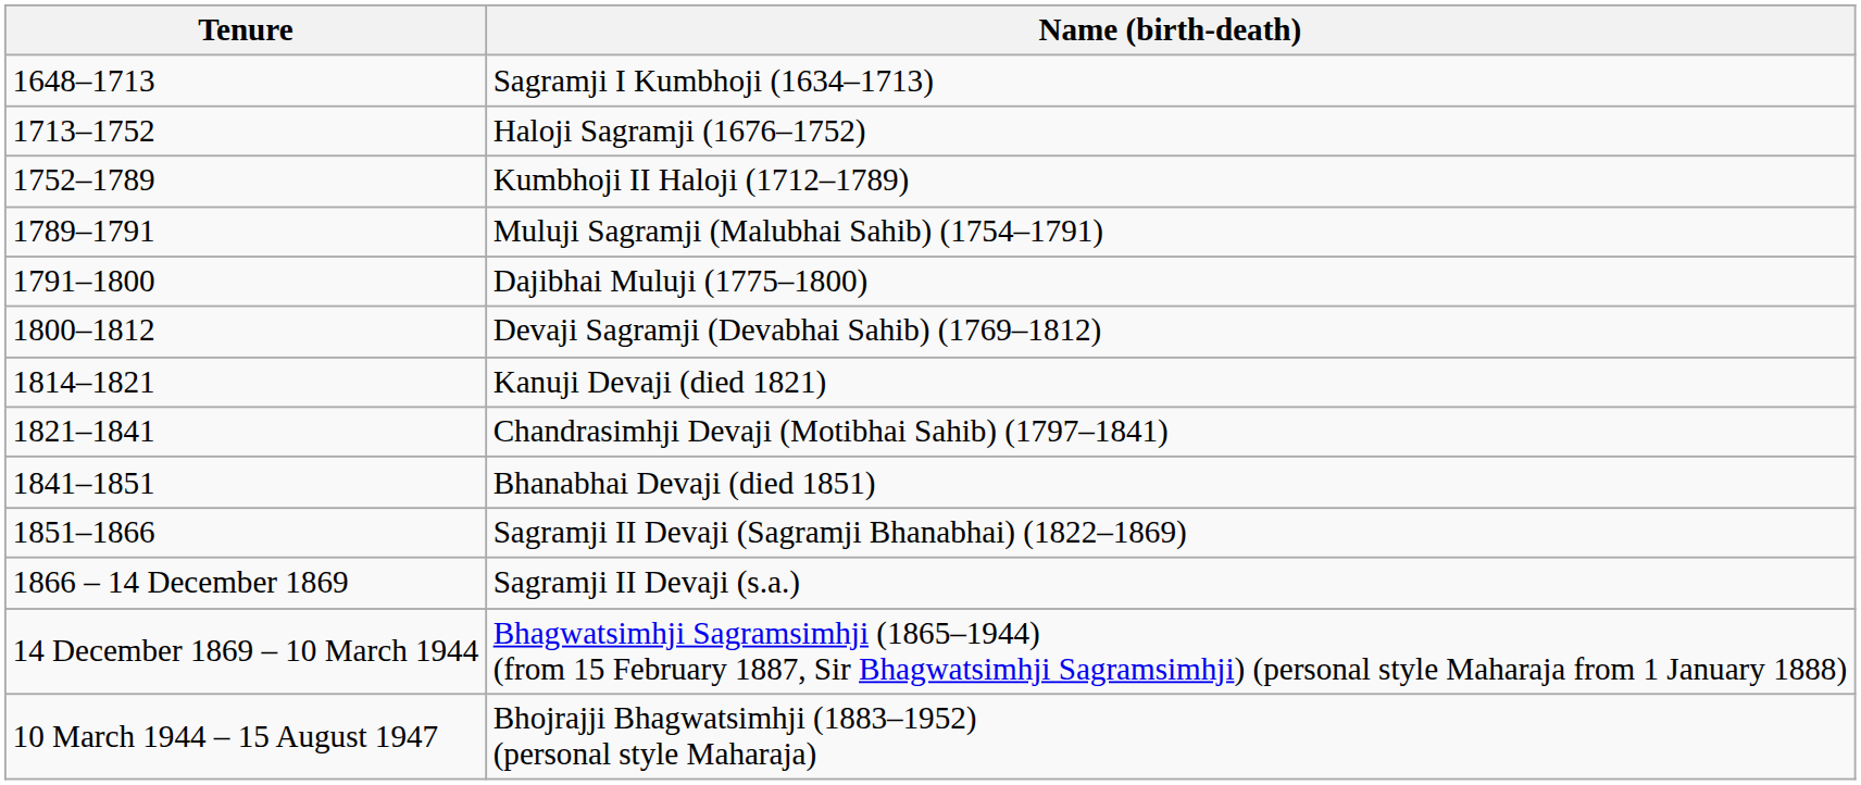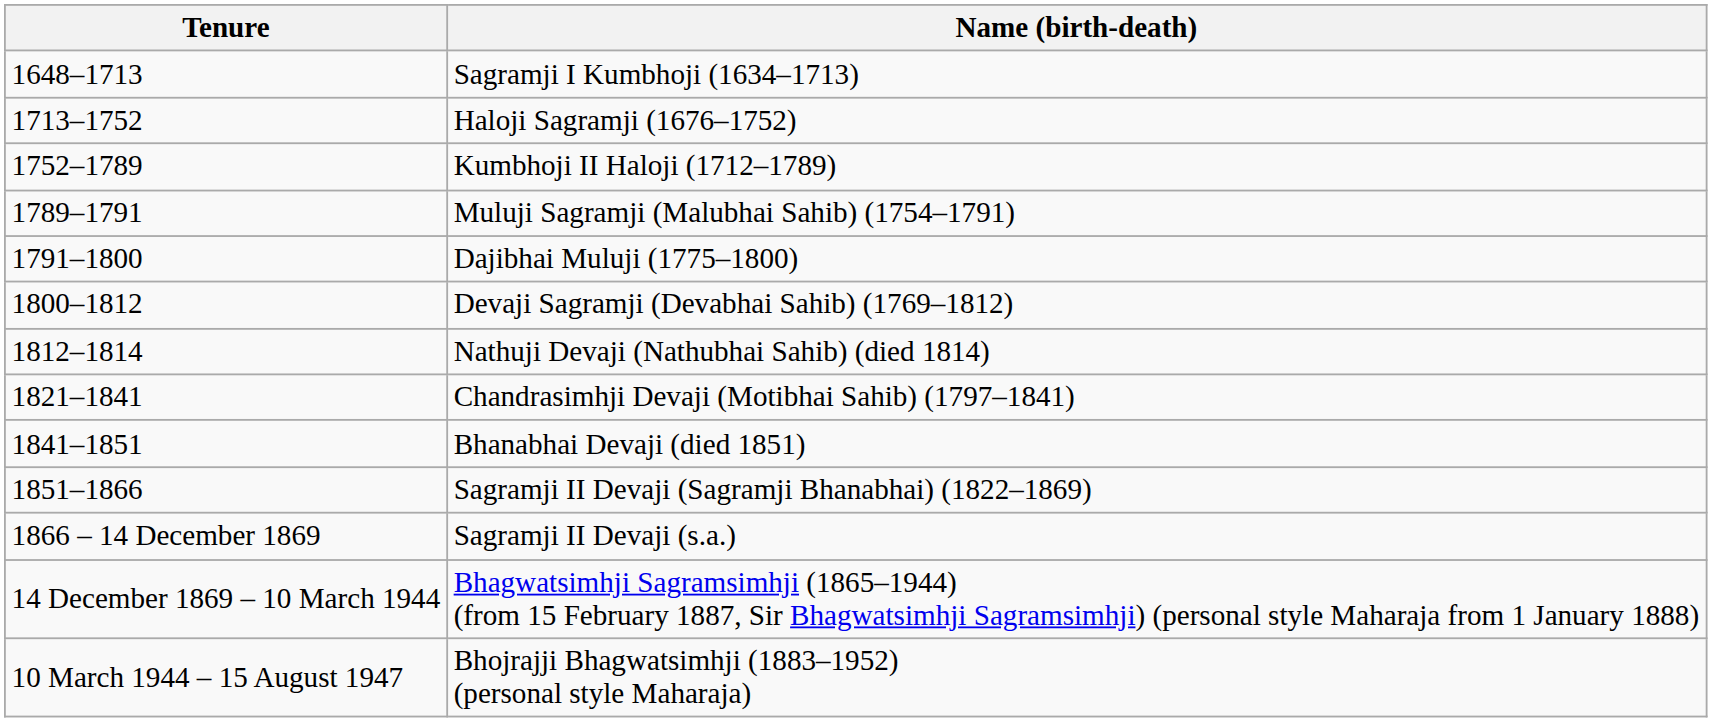 <table class="wikitable">
 <tr>
 <th>Tenure</th>
 <th>Name (birth-death)</th>
 </tr>
 <tr>
 <td>1648–1713</td>
 <td>Sagramji I Kumbhoji (1634–1713)</td>
 </tr>
 <tr>
 <td>1713–1752</td>
 <td>Haloji Sagramji (1676–1752)</td>
 </tr>
 <tr>
 <td>1752–1789</td>
 <td>Kumbhoji II Haloji (1712–1789)</td>
 </tr>
 <tr>
 <td>1789–1791</td>
 <td>Muluji Sagramji (Malubhai Sahib) (1754–1791)</td>
 </tr>
 <tr>
 <td>1791–1800</td>
 <td>Dajibhai Muluji (1775–1800)</td>
 </tr>
 <tr>
 <td>1800–1812</td>
 <td>Devaji Sagramji (Devabhai Sahib) (1769–1812)</td>
 </tr>
 <tr>
-<td>1814–1821</td>
-<td>Kanuji Devaji (died 1821)</td>
+<td>1812–1814</td>
+<td>Nathuji Devaji (Nathubhai Sahib) (died 1814)</td>
 </tr>
 <tr>
 <td>1821–1841</td>
 <td>Chandrasimhji Devaji (Motibhai Sahib) (1797–1841)</td>
 </tr>
 <tr>
 <td>1841–1851</td>
 <td>Bhanabhai Devaji (died 1851)</td>
 </tr>
 <tr>
 <td>1851–1866</td>
 <td>Sagramji II Devaji (Sagramji Bhanabhai) (1822–1869)</td>
 </tr>
 <tr>
 <td>1866 – 14 December 1869</td>
 <td>Sagramji II Devaji (s.a.)</td>
 </tr>
 <tr>
 <td>14 December 1869 – 10 March 1944</td>
 <td><a href='#'>Bhagwatsimhji Sagramsimhji</a> (1865–1944)<br>(from 15 February 1887, Sir <a href='#'>Bhagwatsimhji Sagramsimhji</a>) (personal style Maharaja from 1 January 1888)</td>
 </tr>
 <tr>
 <td>10 March 1944 – 15 August 1947</td>
 <td>Bhojrajji Bhagwatsimhji (1883–1952)<br>(personal style Maharaja)</td>
 </tr>
 </table>
